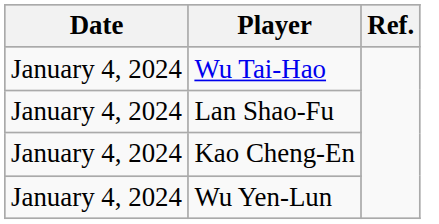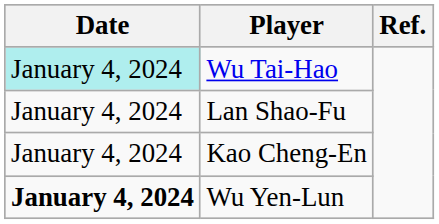 <table class="wikitable">
 <tr>
 <th>Date</th>
 <th>Player</th>
 <th>Ref.</th>
 </tr>
 <tr>
-<td>January 4, 2024</td>
+<td style="background: paleturquoise;">January 4, 2024</td>
 <td><a href='#'>Wu Tai-Hao</a></td>
 <td rowspan=4></td>
 </tr>
 <tr>
 <td>January 4, 2024</td>
 <td>Lan Shao-Fu</td>
 </tr>
 <tr>
 <td>January 4, 2024</td>
 <td>Kao Cheng-En</td>
 </tr>
 <tr>
-<td>January 4, 2024</td>
+<td><strong>January 4, 2024</strong></td>
 <td>Wu Yen-Lun</td>
 </tr>
 </table>
